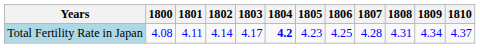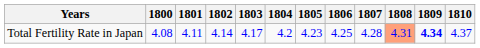 <table class="wikitable " style="text-align:right">
 <tr>
 <th>Years</th>
 <th>1800</th>
 <th>1801</th>
 <th>1802</th>
 <th>1803</th>
 <th>1804</th>
 <th>1805</th>
 <th>1806</th>
 <th>1807</th>
 <th>1808</th>
 <th>1809</th>
 <th>1810</th>
 </tr>
 <tr>
-<td align="left" style="background: lightblue;">Total Fertility Rate in Japan</td>
+<td align="left">Total Fertility Rate in Japan</td>
 <td style="text-align:right; color:blue;">4.08</td>
 <td style="text-align:right; color:blue;">4.11</td>
 <td style="text-align:right; color:blue;">4.14</td>
 <td style="text-align:right; color:blue;">4.17</td>
-<td style="text-align:right; color:blue;"><strong>4.2</strong></td>
+<td style="text-align:right; color:blue;">4.2</td>
 <td style="text-align:right; color:blue;">4.23</td>
 <td style="text-align:right; color:blue;">4.25</td>
 <td style="text-align:right; color:blue;">4.28</td>
-<td style="text-align:right; color:blue;">4.31</td>
-<td style="text-align:right; color:blue;">4.34</td>
+<td style="background: lightsalmon; text-align:right; color:blue;">4.31</td>
+<td style="text-align:right; color:blue;"><strong>4.34</strong></td>
 <td style="text-align:right; color:blue;">4.37</td>
 </tr>
 </table>
